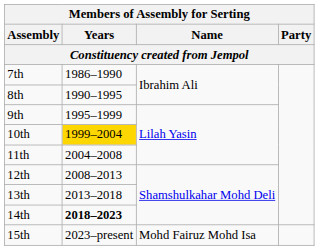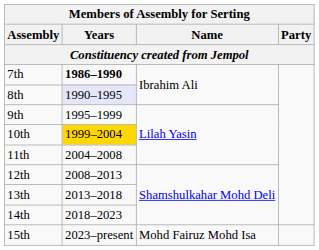 <table class="wikitable">
 <tr>
 <th colspan="4">Members of Assembly for Serting</th>
 </tr>
 <tr>
 <th>Assembly</th>
 <th>Years</th>
 <th>Name</th>
 <th>Party</th>
 </tr>
 <tr>
 <th colspan="4"><em>Constituency created from Jempol</em></th>
 </tr>
 <tr>
 <td>7th</td>
-<td>1986–1990</td>
+<td><strong>1986–1990</strong></td>
 <td rowspan="2">Ibrahim Ali</td>
 <td rowspan="8"></td>
 </tr>
 <tr>
 <td>8th</td>
-<td>1990–1995</td>
+<td style="background: lavender;">1990–1995</td>
 </tr>
 <tr>
 <td>9th</td>
 <td>1995–1999</td>
 <td rowspan="3"><a href='#'>Lilah Yasin</a></td>
 </tr>
 <tr>
 <td>10th</td>
 <td style="background: gold;">1999–2004</td>
 </tr>
 <tr>
 <td>11th</td>
 <td>2004–2008</td>
 </tr>
 <tr>
 <td>12th</td>
 <td>2008–2013</td>
 <td rowspan="3"><a href='#'>Shamshulkahar Mohd Deli</a></td>
 </tr>
 <tr>
 <td>13th</td>
 <td>2013–2018</td>
 </tr>
 <tr>
 <td>14th</td>
-<td><strong>2018–2023</strong></td>
+<td>2018–2023</td>
 </tr>
 <tr>
 <td>15th</td>
 <td>2023–present</td>
 <td>Mohd Fairuz Mohd Isa</td>
 <td></td>
 </tr>
 </table>
